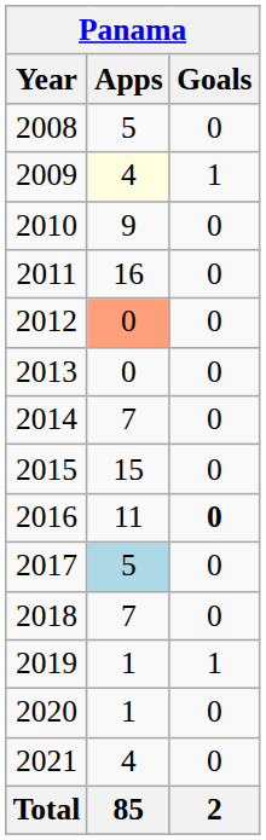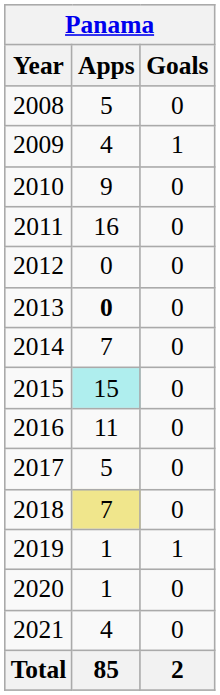 <table class="wikitable" style="text-align:center">
 <tr>
 <th colspan=3><a href='#'>Panama</a></th>
 </tr>
 <tr>
 <th>Year</th>
 <th>Apps</th>
 <th>Goals</th>
 </tr>
 <tr>
 <td>2008</td>
 <td>5</td>
 <td>0</td>
 </tr>
 <tr>
 <td>2009</td>
-<td style="background: lightyellow;">4</td>
+<td>4</td>
 <td>1</td>
 </tr>
 <tr>
 <td>2010</td>
 <td>9</td>
 <td>0</td>
 </tr>
 <tr>
 <td>2011</td>
 <td>16</td>
 <td>0</td>
 </tr>
 <tr>
 <td>2012</td>
-<td style="background: lightsalmon;">0</td>
+<td>0</td>
 <td>0</td>
 </tr>
 <tr>
 <td>2013</td>
-<td>0</td>
+<td><strong>0</strong></td>
 <td>0</td>
 </tr>
 <tr>
 <td>2014</td>
 <td>7</td>
 <td>0</td>
 </tr>
 <tr>
 <td>2015</td>
-<td>15</td>
+<td style="background: paleturquoise;">15</td>
 <td>0</td>
 </tr>
 <tr>
 <td>2016</td>
 <td>11</td>
-<td><strong>0</strong></td>
+<td>0</td>
 </tr>
 <tr>
 <td>2017</td>
-<td style="background: lightblue;">5</td>
+<td>5</td>
 <td>0</td>
 </tr>
 <tr>
 <td>2018</td>
-<td>7</td>
+<td style="background: khaki;">7</td>
 <td>0</td>
 </tr>
 <tr>
 <td>2019</td>
 <td>1</td>
 <td>1</td>
 </tr>
 <tr>
 <td>2020</td>
 <td>1</td>
 <td>0</td>
 </tr>
 <tr>
 <td>2021</td>
 <td>4</td>
 <td>0</td>
 </tr>
 <tr>
 <th>Total</th>
 <th>85</th>
 <th>2</th>
 </tr>
 </table>
